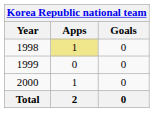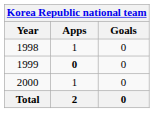 <table class="wikitable" style="text-align:center">
 <tr>
 <th colspan=3><a href='#'>Korea Republic national team</a></th>
 </tr>
 <tr>
 <th>Year</th>
 <th>Apps</th>
 <th>Goals</th>
 </tr>
 <tr>
 <td>1998</td>
-<td style="background: khaki;">1</td>
+<td>1</td>
 <td>0</td>
 </tr>
 <tr>
 <td>1999</td>
-<td>0</td>
+<td><strong>0</strong></td>
 <td>0</td>
 </tr>
 <tr>
 <td>2000</td>
 <td>1</td>
 <td>0</td>
 </tr>
 <tr>
 <th>Total</th>
 <th>2</th>
 <th>0</th>
 </tr>
 </table>
